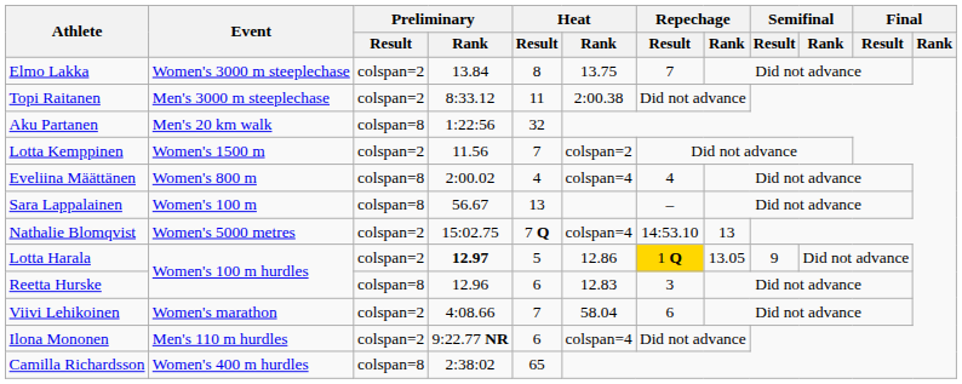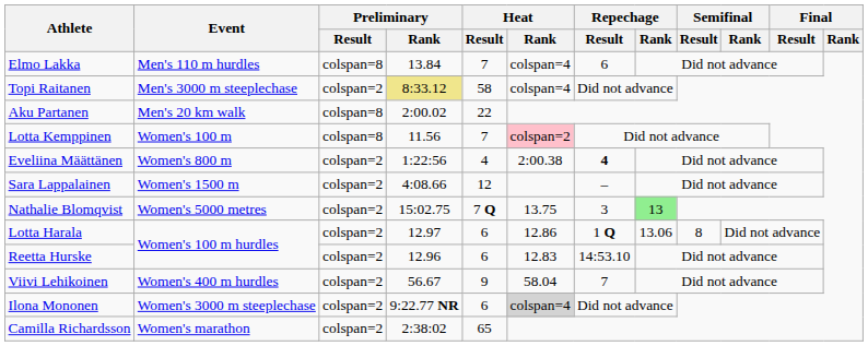 <table class="wikitable" style="font-size:90%">
 <tr>
 <th rowspan="2">Athlete</th>
 <th rowspan="2">Event</th>
 <th colspan="2">Preliminary</th>
 <th colspan="2">Heat</th>
 <th colspan="2">Repechage</th>
 <th colspan="2">Semifinal</th>
 <th colspan="2">Final</th>
 </tr>
 <tr style="font-size:95%">
 <th>Result</th>
 <th>Rank</th>
 <th>Result</th>
 <th>Rank</th>
 <th>Result</th>
 <th>Rank</th>
 <th>Result</th>
 <th>Rank</th>
 <th>Result</th>
 <th>Rank</th>
 </tr>
 <tr align=center>
 <td align=left><a href='#'>Elmo Lakka</a></td>
-<td align=left><a href='#'>Women's 3000 m steeplechase</a></td>
-<td>colspan=2 </td>
+<td align=left><a href='#'>Men's 110 m hurdles</a></td>
+<td>colspan=8 </td>
 <td>13.84</td>
-<td>8 </td>
-<td>13.75</td>
-<td>7</td>
+<td>7 </td>
+<td>colspan=4 </td>
+<td>6</td>
 <td colspan=4>Did not advance</td>
 </tr>
 <tr align=center>
 <td align=left><a href='#'>Topi Raitanen</a></td>
 <td align=left><a href='#'>Men's 3000 m steeplechase</a></td>
 <td>colspan=2 </td>
-<td>8:33.12</td>
-<td>11</td>
-<td>2:00.38</td>
+<td style="background: khaki;">8:33.12</td>
+<td>58</td>
+<td>colspan=4 </td>
 <td colspan=2>Did not advance</td>
 </tr>
 <tr align=center>
 <td align=left><a href='#'>Aku Partanen</a></td>
 <td align=left><a href='#'>Men's 20 km walk</a></td>
 <td>colspan=8 </td>
-<td>1:22:56</td>
-<td>32</td>
+<td>2:00.02</td>
+<td>22</td>
 </tr>
 <tr align=center>
 <td align=left><a href='#'>Lotta Kemppinen</a></td>
-<td align=left><a href='#'>Women's 1500 m</a></td>
-<td>colspan=2 </td>
+<td align=left><a href='#'>Women's 100 m</a></td>
+<td>colspan=8 </td>
 <td>11.56</td>
 <td>7</td>
-<td>colspan=2 </td>
+<td style="background: pink;">colspan=2 </td>
 <td colspan=4>Did not advance</td>
 </tr>
 <tr align=center>
 <td align=left><a href='#'>Eveliina Määttänen</a></td>
 <td align=left><a href='#'>Women's 800 m</a></td>
-<td>colspan=8 </td>
-<td>2:00.02</td>
+<td>colspan=2 </td>
+<td>1:22:56</td>
 <td>4 </td>
-<td>colspan=4 </td>
-<td>4</td>
+<td>2:00.38</td>
+<td><strong>4</strong></td>
 <td colspan=4>Did not advance</td>
 </tr>
 <tr align=center>
 <td align=left><a href='#'>Sara Lappalainen</a></td>
-<td align=left><a href='#'>Women's 100 m</a></td>
-<td>colspan=8 </td>
-<td>56.67</td>
-<td>13 </td>
+<td align=left><a href='#'>Women's 1500 m</a></td>
+<td>colspan=2 </td>
+<td>4:08.66</td>
+<td>12 </td>
 <td></td>
 <td>–</td>
 <td colspan=4>Did not advance</td>
 </tr>
 <tr align=center>
 <td align=left><a href='#'>Nathalie Blomqvist</a></td>
 <td align=left><a href='#'>Women's 5000 metres</a></td>
 <td>colspan=2 </td>
 <td>15:02.75</td>
 <td>7 <strong>Q</strong></td>
-<td>colspan=4 </td>
-<td>14:53.10</td>
-<td>13</td>
+<td>13.75</td>
+<td>3</td>
+<td style="background: lightgreen;">13</td>
 </tr>
 <tr align=center>
 <td align=left><a href='#'>Lotta Harala</a></td>
 <td rowspan=2 align=left><a href='#'>Women's 100 m hurdles</a></td>
 <td>colspan=2 </td>
-<td><strong>12.97</strong></td>
-<td>5  </td>
+<td>12.97</td>
+<td>6  </td>
 <td>12.86</td>
-<td style="background: gold;">1 <strong>Q</strong></td>
-<td>13.05</td>
-<td>9</td>
+<td>1 <strong>Q</strong></td>
+<td>13.06</td>
+<td>8</td>
 <td colspan=2>Did not advance</td>
 </tr>
 <tr align=center>
 <td align=left><a href='#'>Reetta Hurske</a></td>
-<td>colspan=8 </td>
+<td>colspan=2 </td>
 <td>12.96</td>
 <td>6 </td>
 <td>12.83</td>
-<td>3</td>
+<td>14:53.10</td>
 <td colspan=4>Did not advance</td>
 </tr>
 <tr align=center>
 <td align=left><a href='#'>Viivi Lehikoinen</a></td>
-<td align=left><a href='#'>Women's marathon</a></td>
+<td align=left><a href='#'>Women's 400 m hurdles</a></td>
 <td>colspan=2 </td>
-<td>4:08.66</td>
-<td>7 </td>
+<td>56.67</td>
+<td>9 </td>
 <td>58.04</td>
-<td>6</td>
+<td>7</td>
 <td colspan=4>Did not advance</td>
 </tr>
 <tr align=center>
 <td align=left><a href='#'>Ilona Mononen</a></td>
-<td align=left><a href='#'>Men's 110 m hurdles</a></td>
+<td align=left><a href='#'>Women's 3000 m steeplechase</a></td>
 <td>colspan=2 </td>
 <td>9:22.77 <strong>NR</strong></td>
 <td>6</td>
-<td>colspan=4 </td>
+<td style="background: lightgrey;">colspan=4 </td>
 <td colspan=2>Did not advance</td>
 </tr>
 <tr align=center>
 <td align=left><a href='#'>Camilla Richardsson</a></td>
-<td align=left><a href='#'>Women's 400 m hurdles</a></td>
-<td>colspan=8 </td>
+<td align=left><a href='#'>Women's marathon</a></td>
+<td>colspan=2 </td>
 <td>2:38:02</td>
 <td>65</td>
 </tr>
 </table>
